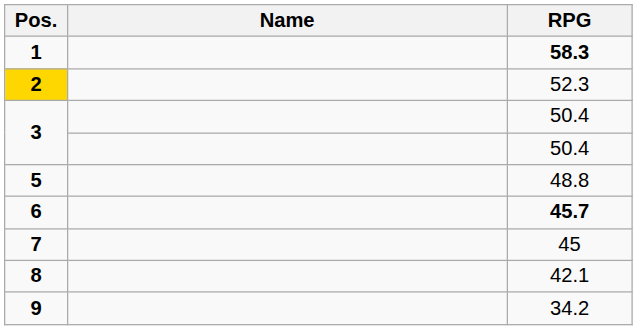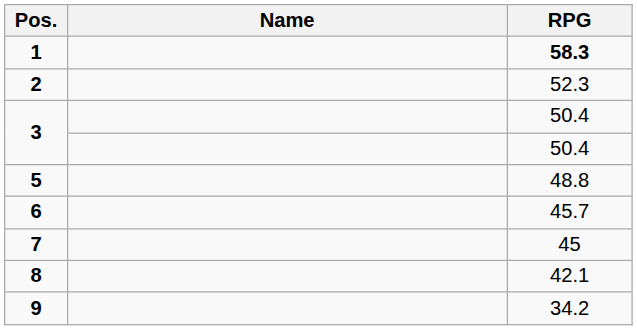 <table class="wikitable" style="width:80%;">
 <tr>
 <th style="width:10%;">Pos.</th>
 <th style="width:70%;">Name</th>
 <th style="width:20%;">RPG</th>
 </tr>
 <tr>
 <td align=center><strong>1</strong></td>
 <td><strong></strong></td>
 <td align=center><strong>58.3</strong></td>
 </tr>
 <tr>
-<td align=center style="background: gold;"><strong>2</strong></td>
+<td align=center><strong>2</strong></td>
 <td></td>
 <td align=center>52.3</td>
 </tr>
 <tr>
 <td align=center rowspan=2><strong>3</strong></td>
 <td></td>
 <td align=center>50.4</td>
 </tr>
 <tr>
 <td></td>
 <td align=center>50.4</td>
 </tr>
 <tr>
 <td align=center><strong>5</strong></td>
 <td></td>
 <td align=center>48.8</td>
 </tr>
 <tr>
 <td align=center><strong>6</strong></td>
 <td></td>
-<td align=center><strong>45.7</strong></td>
+<td align=center>45.7</td>
 </tr>
 <tr>
 <td align=center><strong>7</strong></td>
 <td></td>
 <td align=center>45</td>
 </tr>
 <tr>
 <td align=center><strong>8</strong></td>
 <td></td>
 <td align=center>42.1</td>
 </tr>
 <tr>
 <td align=center><strong>9</strong></td>
 <td></td>
 <td align=center>34.2</td>
 </tr>
 </table>
